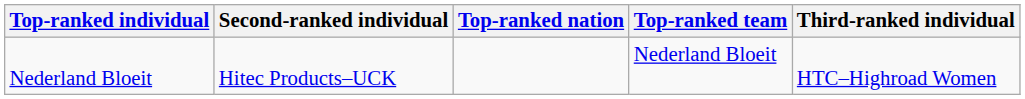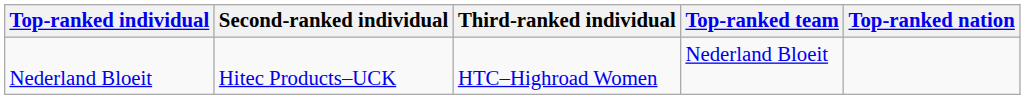 <table class="wikitable">
 <tr>
 <th><a href='#'>Top-ranked individual</a></th>
 <th>Second-ranked individual</th>
+<th>Third-ranked individual</th>
+<th><a href='#'>Top-ranked team</a></th>
 <th><a href='#'>Top-ranked nation</a></th>
-<th><a href='#'>Top-ranked team</a></th>
-<th>Third-ranked individual</th>
 </tr>
 <tr valign="top">
 <td align=left><br><span><a href='#'>Nederland Bloeit</a></span></td>
 <td align=left><br><span><a href='#'>Hitec Products–UCK</a></span></td>
+<td align=left><br><span><a href='#'>HTC–Highroad Women</a></span></td>
+<td><a href='#'>Nederland Bloeit</a></td>
 <td></td>
-<td><a href='#'>Nederland Bloeit</a></td>
-<td align=left><br><span><a href='#'>HTC–Highroad Women</a></span></td>
 </tr>
 </table>
